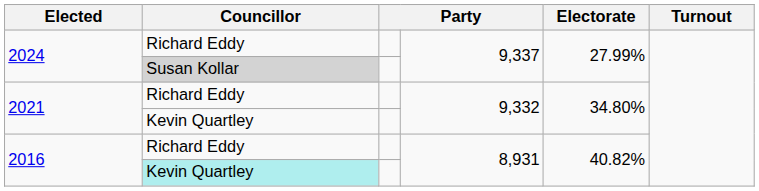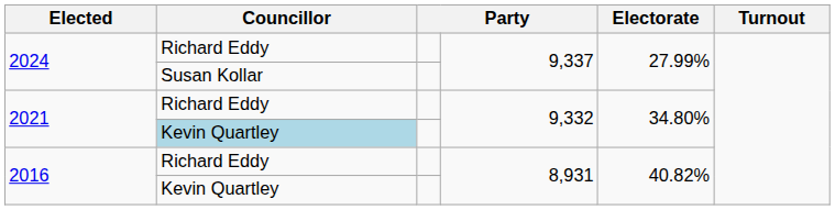 <table class="wikitable" style="width:46em;">
 <tr>
 <th scope=col style="width:8em;">Elected</th>
 <th scope=col style="width:14em;">Councillor</th>
 <th scope=col style="width:12em;" colspan=2>Party</th>
 <th scope=col style="width:6em;">Electorate</th>
 <th scope=col style="width:6em;">Turnout</th>
 </tr>
 <tr>
 <td rowspan=2><a href='#'>2024</a></td>
 <td>Richard Eddy</td>
 <td></td>
 <td rowspan=2 style="text-align:right;">9,337</td>
 <td rowspan=2 style="text-align:right;">27.99%</td>
 </tr>
 <tr>
-<td style="background: lightgrey;">Susan Kollar</td>
+<td>Susan Kollar</td>
 <td></td>
 </tr>
 <tr>
 <td rowspan=2><a href='#'>2021</a></td>
 <td>Richard Eddy</td>
 <td></td>
 <td rowspan=2 style="text-align:right;">9,332</td>
 <td rowspan=2 style="text-align:right;">34.80%</td>
 </tr>
 <tr>
-<td>Kevin Quartley</td>
+<td style="background: lightblue;">Kevin Quartley</td>
 <td></td>
 </tr>
 <tr>
 <td rowspan=2><a href='#'>2016</a></td>
 <td>Richard Eddy</td>
 <td></td>
 <td rowspan=2 style="text-align:right;">8,931</td>
 <td rowspan=2 style="text-align:right;">40.82%</td>
 </tr>
 <tr>
-<td style="background: paleturquoise;">Kevin Quartley</td>
+<td>Kevin Quartley</td>
 <td></td>
 </tr>
 </table>
